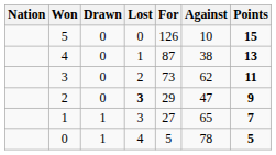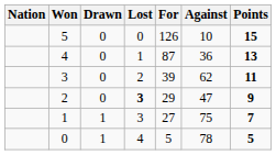 <table class="wikitable" style="text-align: center;">
 <tr>
 <th>Nation</th>
 <th>Won</th>
 <th>Drawn</th>
 <th>Lost</th>
 <th>For</th>
 <th>Against</th>
 <th>Points</th>
 </tr>
 <tr>
 <td align="left"></td>
 <td>5</td>
 <td>0</td>
 <td>0</td>
 <td>126</td>
 <td>10</td>
 <td><strong>15</strong></td>
 </tr>
 <tr>
 <td align="left"></td>
 <td>4</td>
 <td>0</td>
 <td>1</td>
 <td>87</td>
-<td>38</td>
+<td>36</td>
 <td><strong>13</strong></td>
 </tr>
 <tr>
 <td align="left"></td>
 <td>3</td>
 <td>0</td>
 <td>2</td>
-<td>73</td>
+<td>39</td>
 <td>62</td>
 <td><strong>11</strong></td>
 </tr>
 <tr>
 <td align="left"></td>
 <td>2</td>
 <td>0</td>
 <td><strong>3</strong></td>
 <td>29</td>
 <td>47</td>
 <td><strong>9</strong></td>
 </tr>
 <tr>
 <td align="left"></td>
 <td>1</td>
 <td>1</td>
 <td>3</td>
 <td>27</td>
-<td>65</td>
+<td>75</td>
 <td><strong>7</strong></td>
 </tr>
 <tr>
 <td align="left"></td>
 <td>0</td>
 <td>1</td>
 <td>4</td>
 <td>5</td>
 <td>78</td>
 <td><strong>5</strong></td>
 </tr>
 </table>
